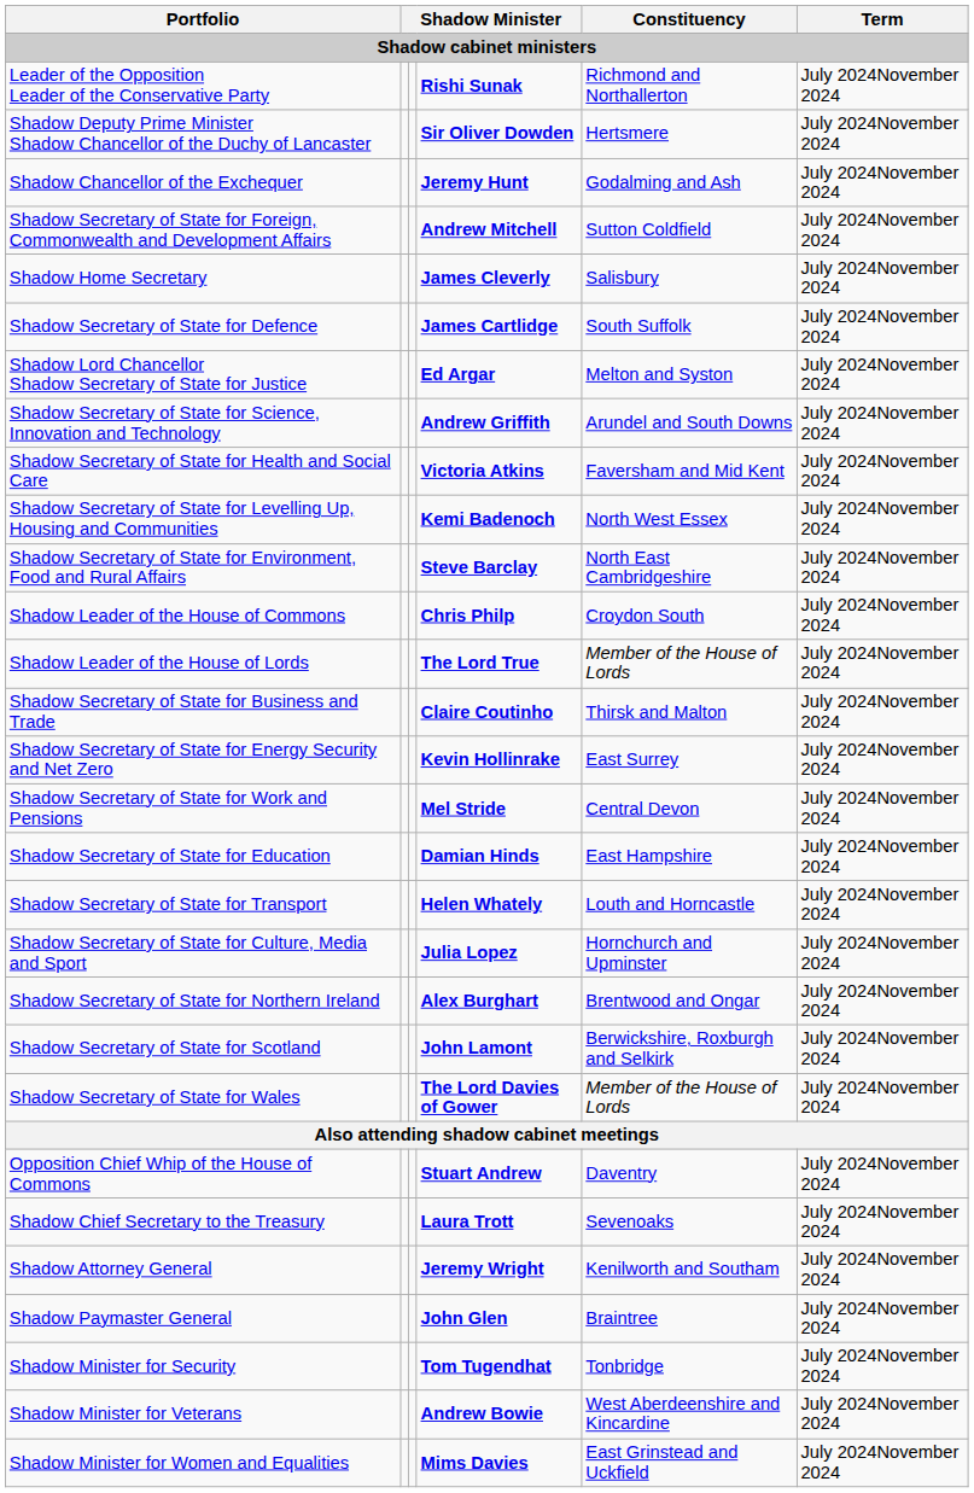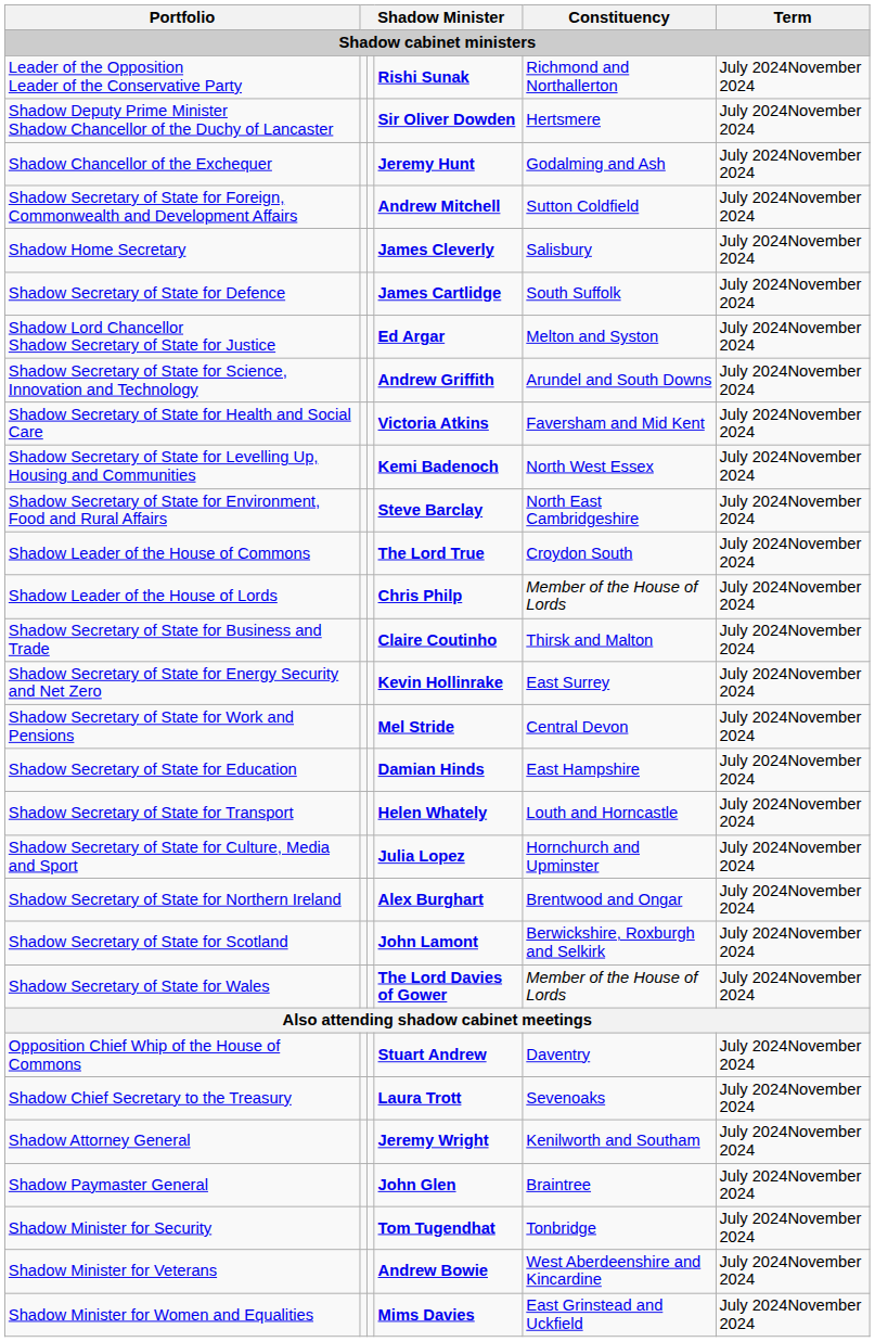 <table class="wikitable">
 <tr>
 <th>Portfolio</th>
 <th colspan=3>Shadow Minister</th>
 <th><strong>Constituency</strong></th>
 <th>Term</th>
 </tr>
 <tr>
 <th colspan="7" style="background:#ccc;">Shadow cabinet ministers</th>
 </tr>
 <tr>
 <td><a href='#'>Leader of the Opposition</a><br><a href='#'>Leader of the Conservative Party</a></td>
 <td style="background: "></td>
 <td></td>
 <td> <strong><a href='#'>Rishi Sunak</a></strong> </td>
 <td><a href='#'>Richmond and Northallerton</a></td>
 <td>July 2024November 2024</td>
 </tr>
 <tr>
 <td><a href='#'>Shadow Deputy Prime Minister</a><br><a href='#'>Shadow Chancellor of the Duchy of Lancaster</a></td>
 <td style="background: "></td>
 <td></td>
 <td> <strong><a href='#'>Sir Oliver Dowden</a></strong> </td>
 <td><a href='#'>Hertsmere</a></td>
 <td>July 2024November 2024</td>
 </tr>
 <tr>
 <td><a href='#'>Shadow Chancellor of the Exchequer</a></td>
 <td style="background: "></td>
 <td></td>
 <td> <strong><a href='#'>Jeremy Hunt</a></strong> </td>
 <td><a href='#'>Godalming and Ash</a></td>
 <td>July 2024November 2024</td>
 </tr>
 <tr>
 <td><a href='#'>Shadow Secretary of State for Foreign, Commonwealth and Development Affairs</a></td>
 <td style="background: "></td>
 <td></td>
 <td> <strong><a href='#'>Andrew Mitchell</a></strong> </td>
 <td><a href='#'>Sutton Coldfield</a></td>
 <td>July 2024November 2024</td>
 </tr>
 <tr>
 <td><a href='#'>Shadow Home Secretary</a></td>
 <td style="background: "></td>
 <td></td>
 <td> <strong><a href='#'>James Cleverly</a></strong> </td>
 <td><a href='#'>Salisbury</a></td>
 <td>July 2024November 2024</td>
 </tr>
 <tr>
 <td><a href='#'>Shadow Secretary of State for Defence</a></td>
 <td style="background: "></td>
 <td></td>
 <td><strong><a href='#'>James Cartlidge</a></strong> </td>
 <td><a href='#'>South Suffolk</a></td>
 <td>July 2024November 2024</td>
 </tr>
 <tr>
 <td><a href='#'>Shadow Lord Chancellor</a><br><a href='#'>Shadow Secretary of State for Justice</a></td>
 <td style="background: "></td>
 <td></td>
 <td> <strong><a href='#'>Ed Argar</a></strong> </td>
 <td><a href='#'>Melton and Syston</a></td>
 <td>July 2024November 2024</td>
 </tr>
 <tr>
 <td><a href='#'>Shadow Secretary of State for Science, Innovation and Technology</a></td>
 <td style="background: "></td>
 <td></td>
 <td><strong><a href='#'>Andrew Griffith</a></strong> </td>
 <td><a href='#'>Arundel and South Downs</a></td>
 <td>July 2024November 2024</td>
 </tr>
 <tr>
 <td><a href='#'>Shadow Secretary of State for Health and Social Care</a></td>
 <td style="background: "></td>
 <td></td>
 <td> <strong><a href='#'>Victoria Atkins</a></strong> </td>
 <td><a href='#'>Faversham and Mid Kent</a></td>
 <td>July 2024November 2024</td>
 </tr>
 <tr>
 <td><a href='#'>Shadow Secretary of State for Levelling Up, Housing and Communities</a></td>
 <td style="background: "></td>
 <td></td>
 <td> <strong><a href='#'>Kemi Badenoch</a></strong> </td>
 <td><a href='#'>North West Essex</a></td>
 <td>July 2024November 2024</td>
 </tr>
 <tr>
 <td><a href='#'>Shadow Secretary of State for Environment, Food and Rural Affairs</a></td>
 <td style="background: "></td>
 <td></td>
 <td> <strong><a href='#'>Steve Barclay</a></strong> </td>
 <td><a href='#'>North East Cambridgeshire</a></td>
 <td>July 2024November 2024</td>
 </tr>
 <tr>
 <td><a href='#'>Shadow Leader of the House of Commons</a></td>
 <td style="background: "></td>
 <td></td>
-<td> <strong><a href='#'>Chris Philp</a></strong> </td>
+<td> <strong><a href='#'>The Lord True</a></strong> </td>
 <td><a href='#'>Croydon South</a></td>
 <td>July 2024November 2024</td>
 </tr>
 <tr>
 <td><a href='#'>Shadow Leader of the House of Lords</a></td>
 <td style="background: "></td>
 <td></td>
-<td> <strong><a href='#'>The Lord True</a></strong> </td>
+<td> <strong><a href='#'>Chris Philp</a></strong> </td>
 <td><em>Member of the House of Lords</em></td>
 <td>July 2024November 2024</td>
 </tr>
 <tr>
 <td><a href='#'>Shadow Secretary of State for Business and Trade</a></td>
 <td style="background: "></td>
 <td></td>
 <td> <strong><a href='#'>Claire Coutinho</a></strong> </td>
 <td><a href='#'>Thirsk and Malton</a></td>
 <td>July 2024November 2024</td>
 </tr>
 <tr>
 <td><a href='#'>Shadow Secretary of State for Energy Security and Net Zero</a></td>
 <td style="background: "></td>
 <td></td>
 <td><strong><a href='#'>Kevin Hollinrake</a></strong> </td>
 <td><a href='#'>East Surrey</a></td>
 <td>July 2024November 2024</td>
 </tr>
 <tr>
 <td><a href='#'>Shadow Secretary of State for Work and Pensions</a></td>
 <td style="background: "></td>
 <td></td>
 <td> <strong><a href='#'>Mel Stride</a></strong> </td>
 <td><a href='#'>Central Devon</a></td>
 <td>July 2024November 2024</td>
 </tr>
 <tr>
 <td><a href='#'>Shadow Secretary of State for Education</a></td>
 <td style="background: "></td>
 <td></td>
 <td> <strong><a href='#'>Damian Hinds</a></strong> </td>
 <td><a href='#'>East Hampshire</a></td>
 <td>July 2024November 2024</td>
 </tr>
 <tr>
 <td><a href='#'>Shadow Secretary of State for Transport</a></td>
 <td style="background: "></td>
 <td></td>
 <td><strong><a href='#'>Helen Whately</a></strong> </td>
 <td><a href='#'>Louth and Horncastle</a></td>
 <td>July 2024November 2024</td>
 </tr>
 <tr>
 <td><a href='#'>Shadow Secretary of State for Culture, Media and Sport</a></td>
 <td style="background: "></td>
 <td></td>
 <td><strong><a href='#'>Julia Lopez</a></strong> </td>
 <td><a href='#'>Hornchurch and Upminster</a></td>
 <td>July 2024November 2024</td>
 </tr>
 <tr>
 <td><a href='#'>Shadow Secretary of State for Northern Ireland</a></td>
 <td style="background: "></td>
 <td></td>
 <td><strong><a href='#'>Alex Burghart</a></strong> </td>
 <td><a href='#'>Brentwood and Ongar</a></td>
 <td>July 2024November 2024</td>
 </tr>
 <tr>
 <td><a href='#'>Shadow Secretary of State for Scotland</a></td>
 <td style="background: "></td>
 <td></td>
 <td><strong><a href='#'>John Lamont</a></strong> </td>
 <td><a href='#'>Berwickshire, Roxburgh and Selkirk</a></td>
 <td>July 2024November 2024</td>
 </tr>
 <tr>
 <td><a href='#'>Shadow Secretary of State for Wales</a></td>
 <td style="background: "></td>
 <td></td>
 <td> <strong><a href='#'>The Lord Davies of Gower</a></strong></td>
 <td><em>Member of the House of Lords</em></td>
 <td>July 2024November 2024</td>
 </tr>
 <tr>
 <th colspan="7">Also attending shadow cabinet meetings</th>
 </tr>
 <tr>
 <td><a href='#'>Opposition Chief Whip of the House of Commons</a></td>
 <td style="background: "></td>
 <td></td>
 <td> <strong><a href='#'>Stuart Andrew</a></strong> </td>
 <td><a href='#'>Daventry</a></td>
 <td>July 2024November 2024</td>
 </tr>
 <tr>
 <td><a href='#'>Shadow Chief Secretary to the Treasury</a></td>
 <td style="background: "></td>
 <td></td>
 <td> <strong><a href='#'>Laura Trott</a></strong> </td>
 <td><a href='#'>Sevenoaks</a></td>
 <td>July 2024November 2024</td>
 </tr>
 <tr>
 <td><a href='#'>Shadow Attorney General</a></td>
 <td style="background: "></td>
 <td></td>
 <td> <strong><a href='#'>Jeremy Wright</a></strong> </td>
 <td><a href='#'>Kenilworth and Southam</a></td>
 <td>July 2024November 2024</td>
 </tr>
 <tr>
 <td><a href='#'>Shadow Paymaster General</a></td>
 <td style="background: "></td>
 <td></td>
 <td> <strong><a href='#'>John Glen</a></strong> </td>
 <td><a href='#'>Braintree</a></td>
 <td>July 2024November 2024</td>
 </tr>
 <tr>
 <td><a href='#'>Shadow Minister for Security</a></td>
 <td style="background: "></td>
 <td></td>
 <td> <strong><a href='#'>Tom Tugendhat</a></strong> </td>
 <td><a href='#'>Tonbridge</a></td>
 <td>July 2024November 2024</td>
 </tr>
 <tr>
 <td><a href='#'>Shadow Minister for Veterans</a></td>
 <td style="background: "></td>
 <td></td>
 <td><strong><a href='#'>Andrew Bowie</a></strong> </td>
 <td><a href='#'>West Aberdeenshire and Kincardine</a></td>
 <td>July 2024November 2024</td>
 </tr>
 <tr>
 <td><a href='#'>Shadow Minister for Women and Equalities</a></td>
 <td style="background: "></td>
 <td></td>
 <td><strong><a href='#'>Mims Davies</a></strong> </td>
 <td><a href='#'>East Grinstead and Uckfield</a></td>
 <td>July 2024November 2024</td>
 </tr>
 </table>
